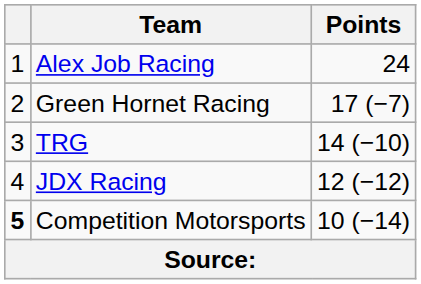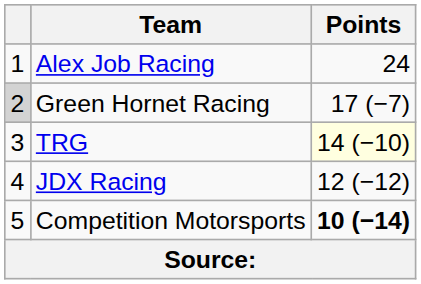 <table class="wikitable" style="font-size: 95%;">
 <tr>
 <th scope="col"></th>
 <th scope="col">Team</th>
 <th scope="col">Points</th>
 </tr>
 <tr>
 <td align=center>1</td>
 <td> <a href='#'>Alex Job Racing</a></td>
 <td align=right>24</td>
 </tr>
 <tr>
-<td align=center>2</td>
+<td align=center style="background: lightgrey;">2</td>
 <td> Green Hornet Racing</td>
 <td align=right>17 (−7)</td>
 </tr>
 <tr>
 <td align=center>3</td>
 <td> <a href='#'>TRG</a></td>
-<td align=right>14 (−10)</td>
+<td align=right style="background: lightyellow;">14 (−10)</td>
 </tr>
 <tr>
 <td align=center>4</td>
 <td> <a href='#'>JDX Racing</a></td>
 <td align=right>12 (−12)</td>
 </tr>
 <tr>
-<td align=center><strong>5</strong></td>
+<td align=center>5</td>
 <td> Competition Motorsports</td>
-<td align=right>10 (−14)</td>
+<td align=right><strong>10 (−14)</strong></td>
 </tr>
 <tr>
 <th colspan=4>Source:</th>
 </tr>
 </table>
